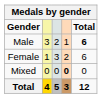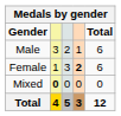 <table class="wikitable" style=font-size:85%;float:right;text-align:center>
 <tr>
 <th colspan=5>Medals by gender</th>
 </tr>
 <tr>
 <td><strong>Gender</strong></td>
 <td bgcolor=F7F6A8></td>
 <td bgcolor=DCE5E5></td>
 <td bgcolor=FFDAB9></td>
 <td><strong>Total</strong></td>
 </tr>
 <tr align=center>
 <td>Male</td>
 <td style="background:#F7F6A8;">3</td>
 <td style="background:#DCE5E5;">2</td>
 <td style="background:#FFDAB9;">1</td>
-<td><strong>6</strong></td>
+<td>6</td>
 </tr>
 <tr align=center>
 <td>Female</td>
 <td style="background:#F7F6A8;">1</td>
 <td style="background:#DCE5E5;">3</td>
-<td style="background:#FFDAB9;">2</td>
+<td style="background:#FFDAB9;"><strong>2</strong></td>
 <td>6</td>
 </tr>
 <tr align=center>
 <td>Mixed</td>
-<td style="background:#F7F6A8;">0</td>
+<td style="background:#F7F6A8;"><strong>0</strong></td>
 <td style="background:#DCE5E5;">0</td>
-<td style="background:#FFDAB9;"><strong>0</strong></td>
+<td style="background:#FFDAB9;">0</td>
 <td>0</td>
 </tr>
 <tr align=center>
 <th><strong>Total</strong></th>
 <th style="background:gold;"><strong>4</strong></th>
 <th style="background:silver;"><strong>5</strong></th>
 <th style="background:#c96;"><strong>3</strong></th>
 <td><strong>12</strong></td>
 </tr>
 </table>
